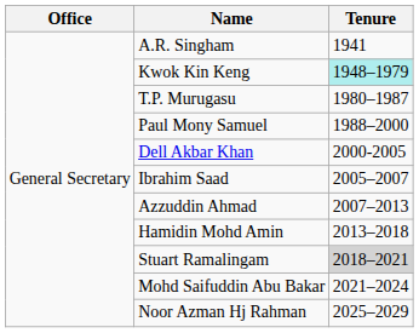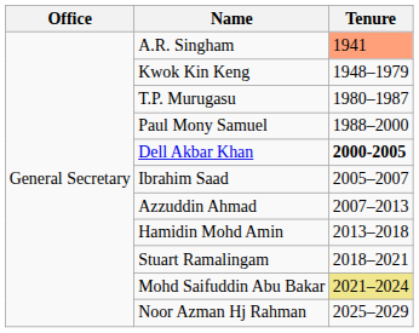 <table class="wikitable">
 <tr>
 <th>Office</th>
 <th>Name</th>
 <th>Tenure</th>
 </tr>
 <tr>
 <td rowspan=11>General Secretary</td>
 <td>A.R. Singham</td>
-<td>1941</td>
+<td style="background: lightsalmon;">1941</td>
 </tr>
 <tr>
 <td>Kwok Kin Keng</td>
-<td style="background: paleturquoise;">1948–1979</td>
+<td>1948–1979</td>
 </tr>
 <tr>
 <td>T.P. Murugasu</td>
 <td>1980–1987</td>
 </tr>
 <tr>
 <td>Paul Mony Samuel</td>
 <td>1988–2000</td>
 </tr>
 <tr>
 <td><a href='#'>Dell Akbar Khan</a></td>
-<td>2000-2005</td>
+<td><strong>2000-2005</strong></td>
 </tr>
 <tr>
 <td>Ibrahim Saad</td>
 <td>2005–2007</td>
 </tr>
 <tr>
 <td>Azzuddin Ahmad</td>
 <td>2007–2013</td>
 </tr>
 <tr>
 <td>Hamidin Mohd Amin</td>
 <td>2013–2018</td>
 </tr>
 <tr>
 <td>Stuart Ramalingam</td>
-<td style="background: lightgrey;">2018–2021</td>
+<td>2018–2021</td>
 </tr>
 <tr>
 <td>Mohd Saifuddin Abu Bakar</td>
-<td>2021–2024</td>
+<td style="background: khaki;">2021–2024</td>
 </tr>
 <tr>
 <td>Noor Azman Hj Rahman</td>
 <td>2025–2029</td>
 </tr>
 </table>
